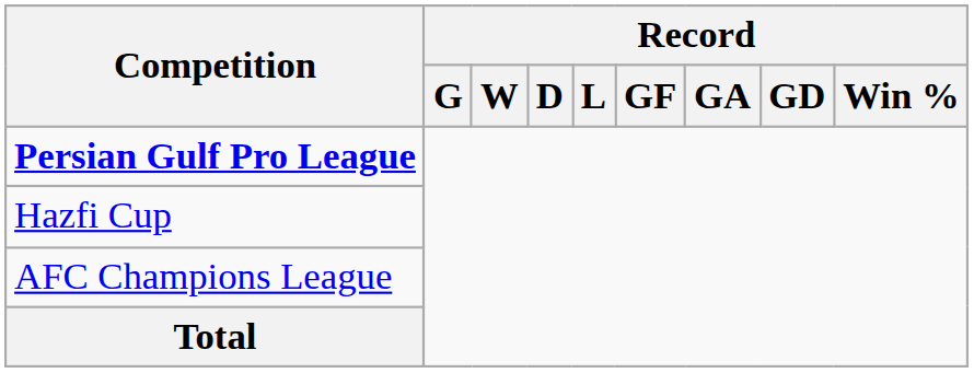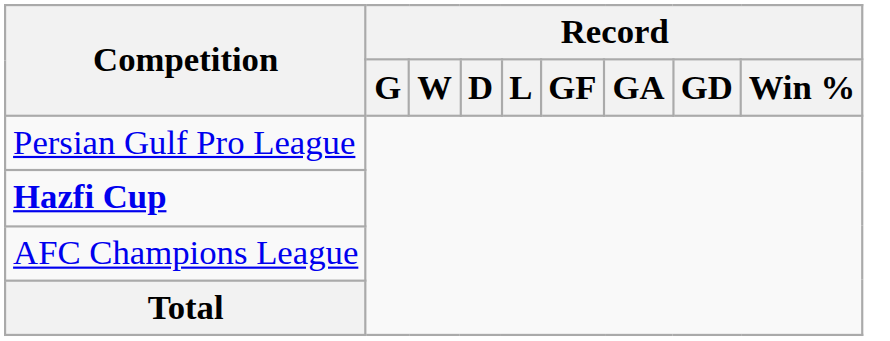 <table class="wikitable" style="text-align: center">
 <tr>
 <th rowspan=2>Competition</th>
 <th colspan=9>Record</th>
 </tr>
 <tr>
 <th>G</th>
 <th>W</th>
 <th>D</th>
 <th>L</th>
 <th>GF</th>
 <th>GA</th>
 <th>GD</th>
 <th>Win %</th>
 </tr>
 <tr>
-<td style="text-align: left"><strong><a href='#'>Persian Gulf Pro League</a><br></strong></td>
+<td style="text-align: left"><a href='#'>Persian Gulf Pro League</a><br></td>
 </tr>
 <tr>
-<td style="text-align: left"><a href='#'>Hazfi Cup</a><br></td>
+<td style="text-align: left"><strong><a href='#'>Hazfi Cup</a><br></strong></td>
 </tr>
 <tr>
 <td style="text-align: left"><a href='#'>AFC Champions League</a><br></td>
 </tr>
 <tr>
 <th>Total<br></th>
 </tr>
 </table>
